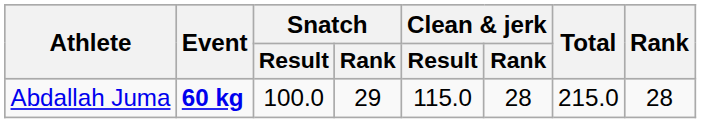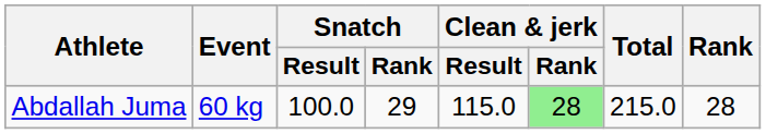 <table class="wikitable" style="font-size:90%">
 <tr>
 <th rowspan="2">Athlete</th>
 <th rowspan="2">Event</th>
 <th colspan="2">Snatch</th>
 <th colspan="2">Clean & jerk</th>
 <th rowspan="2">Total</th>
 <th rowspan="2">Rank</th>
 </tr>
 <tr style="font-size:95%">
 <th>Result</th>
 <th>Rank</th>
 <th>Result</th>
 <th>Rank</th>
 </tr>
 <tr align=center>
 <td align=left><a href='#'>Abdallah Juma</a></td>
-<td align=left><strong><a href='#'>60 kg</a></strong></td>
+<td align=left><a href='#'>60 kg</a></td>
 <td>100.0</td>
 <td>29</td>
 <td>115.0</td>
-<td>28</td>
+<td style="background: lightgreen;">28</td>
 <td>215.0</td>
 <td>28</td>
 </tr>
 </table>
